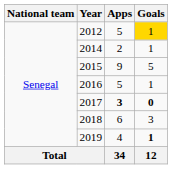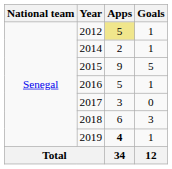 <table class="wikitable" style="text-align: center;">
 <tr>
 <th>National team</th>
 <th>Year</th>
 <th>Apps</th>
 <th>Goals</th>
 </tr>
 <tr>
 <td rowspan="7"><a href='#'>Senegal</a></td>
 <td>2012</td>
-<td>5</td>
-<td style="background: gold;">1</td>
+<td style="background: khaki;">5</td>
+<td>1</td>
 </tr>
 <tr>
 <td>2014</td>
 <td>2</td>
 <td>1</td>
 </tr>
 <tr>
 <td>2015</td>
 <td>9</td>
 <td>5</td>
 </tr>
 <tr>
 <td>2016</td>
 <td>5</td>
 <td>1</td>
 </tr>
 <tr>
 <td>2017</td>
-<td><strong>3</strong></td>
-<td><strong>0</strong></td>
+<td>3</td>
+<td>0</td>
 </tr>
 <tr>
 <td>2018</td>
 <td>6</td>
 <td>3</td>
 </tr>
 <tr>
 <td>2019</td>
-<td>4</td>
-<td><strong>1</strong></td>
+<td><strong>4</strong></td>
+<td>1</td>
 </tr>
 <tr>
 <th colspan="2">Total</th>
 <th>34</th>
 <th>12</th>
 </tr>
 </table>
